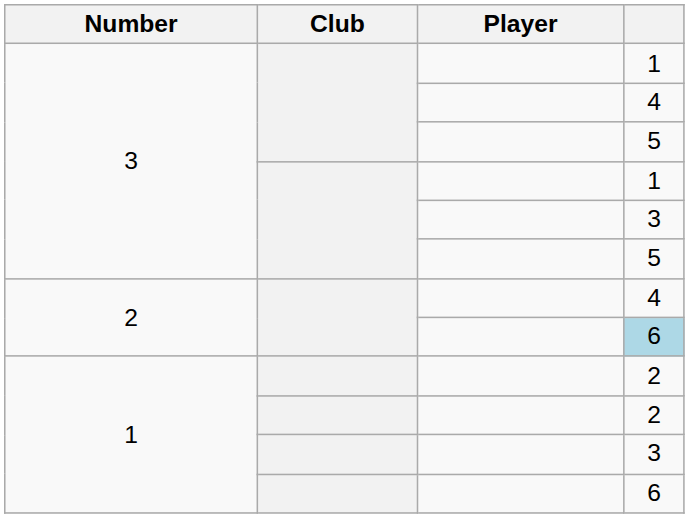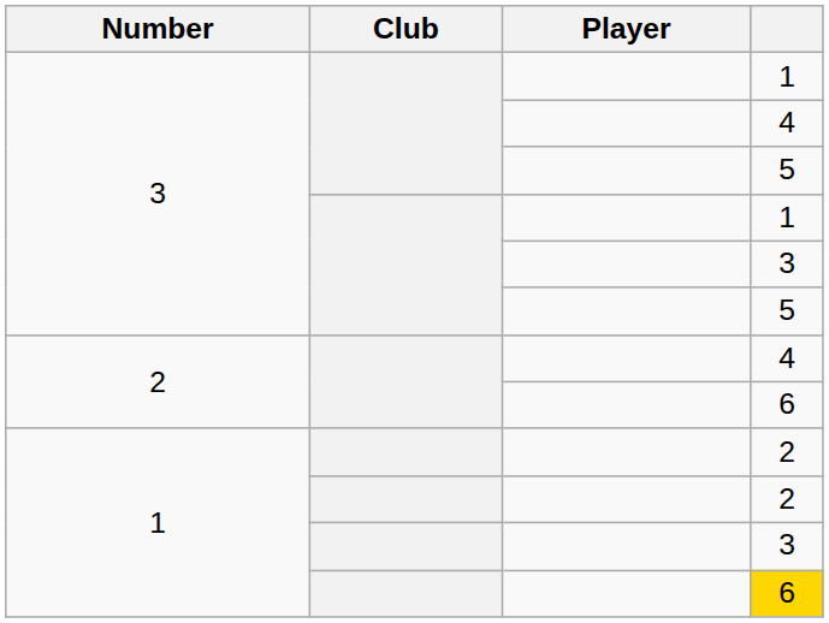 <table class="wikitable plainrowheaders" style="text-align:center; width:35%">
 <tr>
 <th>Number</th>
 <th>Club</th>
 <th>Player</th>
 <th></th>
 </tr>
 <tr>
 <td rowspan=6>3</td>
 <th scope=row rowspan=3></th>
 <td align=left></td>
 <td>1</td>
 </tr>
 <tr>
 <td align=left></td>
 <td>4</td>
 </tr>
 <tr>
 <td align=left></td>
 <td>5</td>
 </tr>
 <tr>
 <th scope=row rowspan=3></th>
 <td align=left></td>
 <td>1</td>
 </tr>
 <tr>
 <td align=left></td>
 <td>3</td>
 </tr>
 <tr>
 <td align=left></td>
 <td>5</td>
 </tr>
 <tr>
 <td rowspan=2>2</td>
 <th scope=row rowspan=2></th>
 <td align=left></td>
 <td>4</td>
 </tr>
 <tr>
 <td align=left><strong></strong></td>
-<td style="background: lightblue;">6</td>
+<td>6</td>
 </tr>
 <tr>
 <td rowspan=4>1</td>
 <th scope=row></th>
 <td align=left></td>
 <td>2</td>
 </tr>
 <tr>
 <th scope=row></th>
 <td align=left></td>
 <td>2</td>
 </tr>
 <tr>
 <th scope=row></th>
 <td align=left></td>
 <td>3</td>
 </tr>
 <tr>
 <th scope=row></th>
 <td align=left></td>
-<td>6</td>
+<td style="background: gold;">6</td>
 </tr>
 </table>
